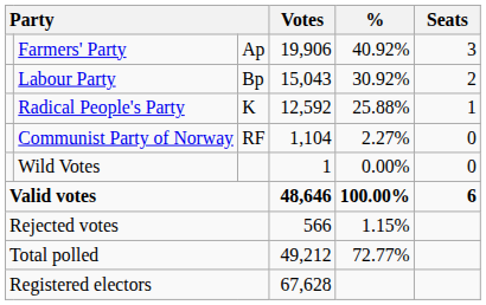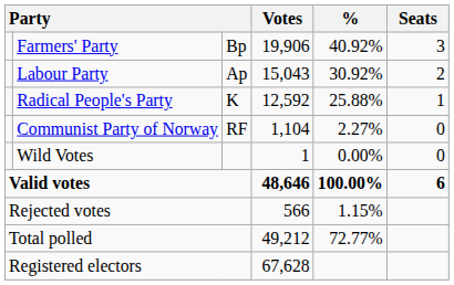 <table class="wikitable" border="1" style="text-align:right;">
 <tr>
 <th style="text-align:left;" colspan=3>Party</th>
 <th align=center width="50">Votes</th>
 <th align=center width="50">%</th>
 <th align=center width="50">Seats</th>
 </tr>
 <tr>
 <td style="color:inherit;background:"></td>
 <td align=left><a href='#'>Farmers' Party</a></td>
-<td align=left>Ap</td>
+<td align=left>Bp</td>
 <td>19,906</td>
 <td>40.92%</td>
 <td>3</td>
 </tr>
 <tr>
 <td style="color:inherit;background:"></td>
 <td align=left><a href='#'>Labour Party</a></td>
-<td align=left>Bp</td>
+<td align=left>Ap</td>
 <td>15,043</td>
 <td>30.92%</td>
 <td>2</td>
 </tr>
 <tr>
 <td></td>
 <td align=left><a href='#'>Radical People's Party</a></td>
 <td align=left>K</td>
 <td>12,592</td>
 <td>25.88%</td>
 <td>1</td>
 </tr>
 <tr>
 <td style="color:inherit;background:"></td>
 <td align=left><a href='#'>Communist Party of Norway</a></td>
 <td align=left>RF</td>
 <td>1,104</td>
 <td>2.27%</td>
 <td>0</td>
 </tr>
 <tr>
 <td></td>
 <td align=left>Wild Votes</td>
 <td align=left></td>
 <td>1</td>
 <td>0.00%</td>
 <td>0</td>
 </tr>
 <tr style="font-weight:bold">
 <td align=left colspan=3>Valid votes</td>
 <td>48,646</td>
 <td>100.00%</td>
 <td>6</td>
 </tr>
 <tr>
 <td align=left colspan=3>Rejected votes</td>
 <td>566</td>
 <td>1.15%</td>
 <td></td>
 </tr>
 <tr>
 <td align=left colspan=3>Total polled</td>
 <td>49,212</td>
 <td>72.77%</td>
 <td></td>
 </tr>
 <tr>
 <td align=left colspan=3>Registered electors</td>
 <td>67,628</td>
 <td></td>
 <td></td>
 </tr>
 </table>
